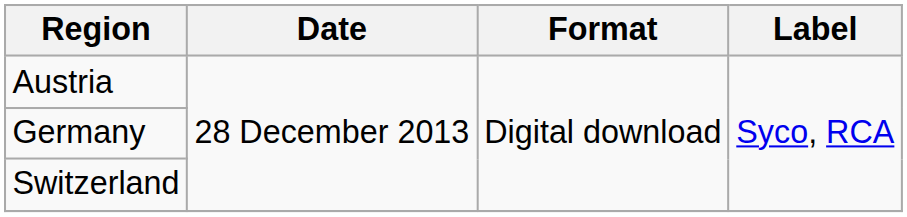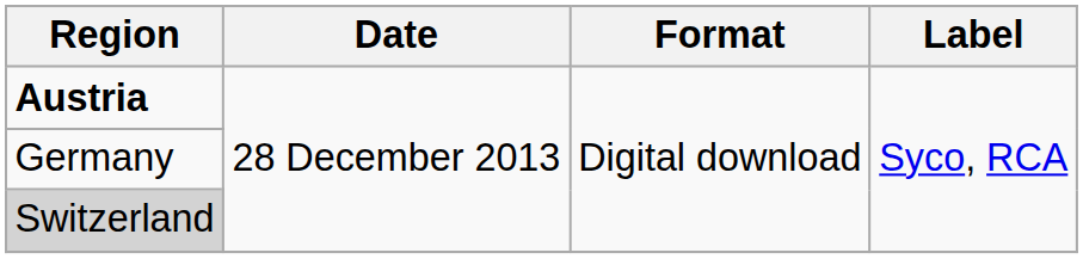 <table class=wikitable>
 <tr>
 <th>Region</th>
 <th>Date</th>
 <th>Format</th>
 <th>Label</th>
 </tr>
 <tr>
-<td>Austria</td>
+<td><strong>Austria</strong></td>
 <td rowspan="3">28 December 2013</td>
 <td rowspan="3">Digital download</td>
 <td rowspan="3"><a href='#'>Syco</a>, <a href='#'>RCA</a></td>
 </tr>
 <tr>
 <td>Germany</td>
 </tr>
 <tr>
-<td>Switzerland</td>
+<td style="background: lightgrey;">Switzerland</td>
 </tr>
 <tr>
 </tr>
 </table>
